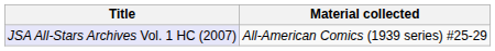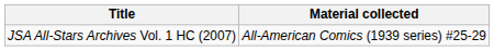 <table class="wikitable">
 <tr>
 <th>Title</th>
 <th>Material collected</th>
 </tr>
 <tr>
-<td valign="top" style="background: lavender;"><em>JSA All-Stars Archives</em> Vol. 1 HC (2007)</td>
+<td valign="top"><em>JSA All-Stars Archives</em> Vol. 1 HC (2007)</td>
 <td valign="top"><em>All-American Comics</em> (1939 series) #25-29</td>
 </tr>
 </table>
